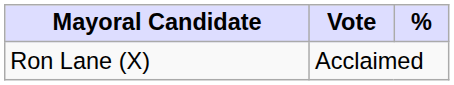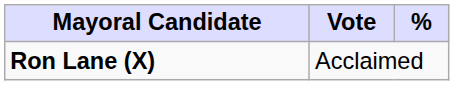 <table class="wikitable">
 <tr>
 <th style="background:#ddf; width:200px;">Mayoral Candidate </th>
 <th style="background:#ddf; width:50px;">Vote</th>
 <th style="background:#ddf; width:30px;">%</th>
 </tr>
 <tr>
-<td>Ron Lane (X)</td>
+<td><strong>Ron Lane (X)</strong></td>
 <td colspan="2">Acclaimed</td>
 </tr>
 </table>
